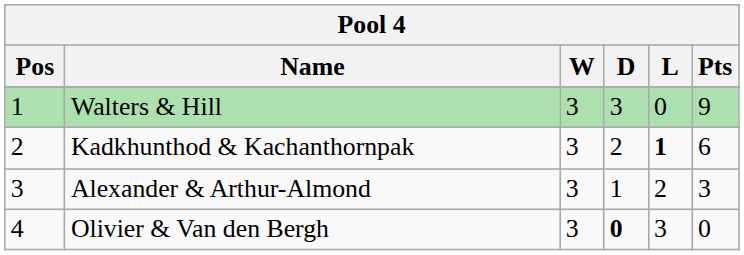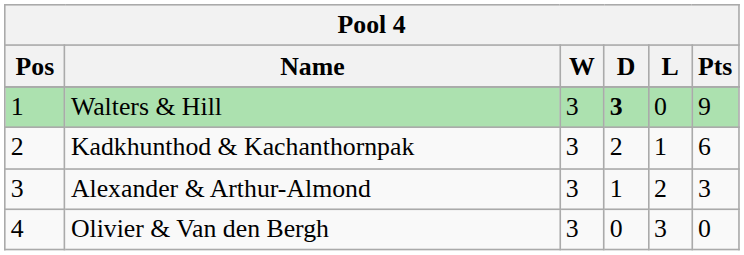 <table class="wikitable">
 <tr>
 <th colspan="6">Pool 4</th>
 </tr>
 <tr>
 <th width=30>Pos</th>
 <th width=300>Name</th>
 <th width=20>W</th>
 <th width=20>D</th>
 <th width=20>L</th>
 <th width=20>Pts</th>
 </tr>
 <tr>
 </tr>
 <tr style="background:#ACE1AF;">
 <td>1</td>
 <td> Walters & Hill</td>
 <td>3</td>
-<td>3</td>
+<td><strong>3</strong></td>
 <td>0</td>
 <td>9</td>
 </tr>
 <tr>
 <td>2</td>
 <td> Kadkhunthod & Kachanthornpak</td>
 <td>3</td>
 <td>2</td>
-<td><strong>1</strong></td>
+<td>1</td>
 <td>6</td>
 </tr>
 <tr>
 <td>3</td>
 <td> Alexander & Arthur-Almond</td>
 <td>3</td>
 <td>1</td>
 <td>2</td>
 <td>3</td>
 </tr>
 <tr>
 <td>4</td>
 <td> Olivier & Van den Bergh</td>
 <td>3</td>
-<td><strong>0</strong></td>
+<td>0</td>
 <td>3</td>
 <td>0</td>
 </tr>
 </table>
